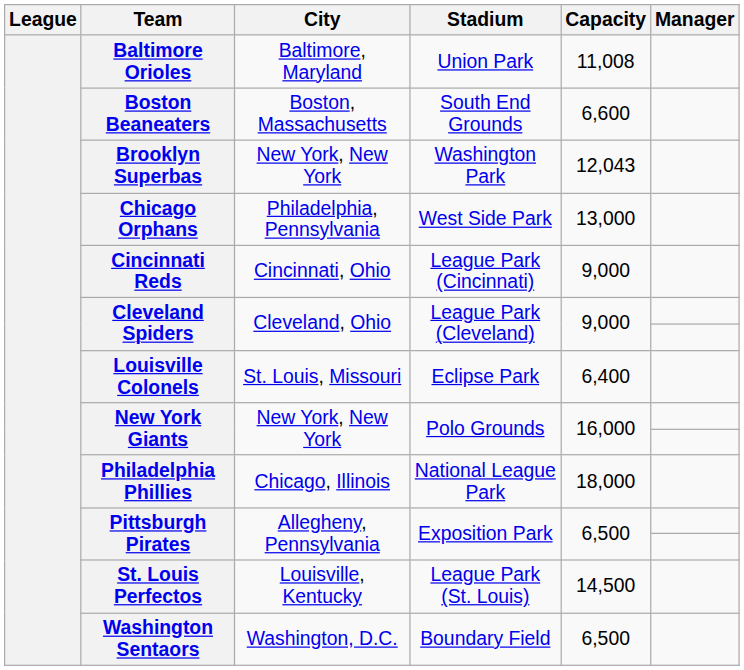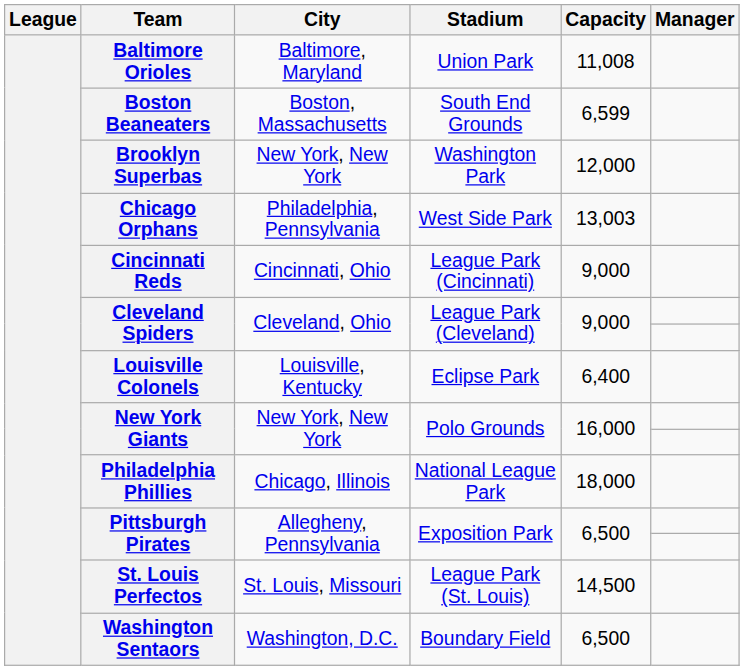 <table class="wikitable sortable plainrowheaders" style="text-align:center;">
 <tr>
 <th scope="col">League</th>
 <th scope="col">Team</th>
 <th scope="col">City</th>
 <th scope="col">Stadium</th>
 <th scope="col">Capacity</th>
 <th scope="col">Manager</th>
 </tr>
 <tr>
 <th rowspan="15"></th>
 <th scope="row"><a href='#'>Baltimore Orioles</a></th>
 <td><a href='#'>Baltimore</a>, <a href='#'>Maryland</a></td>
 <td><a href='#'>Union Park</a></td>
 <td>11,008</td>
 <td></td>
 </tr>
 <tr>
 <th scope="row"><a href='#'>Boston Beaneaters</a></th>
 <td><a href='#'>Boston</a>, <a href='#'>Massachusetts</a></td>
 <td><a href='#'>South End Grounds</a></td>
-<td>6,600</td>
+<td>6,599</td>
 <td></td>
 </tr>
 <tr>
 <th scope="row"><a href='#'>Brooklyn Superbas</a></th>
 <td><a href='#'>New York</a>, <a href='#'>New York</a></td>
 <td><a href='#'>Washington Park</a></td>
-<td>12,043</td>
+<td>12,000</td>
 <td></td>
 </tr>
 <tr>
 <th scope="row"><a href='#'>Chicago Orphans</a></th>
 <td><a href='#'>Philadelphia</a>, <a href='#'>Pennsylvania</a></td>
 <td><a href='#'>West Side Park</a></td>
-<td>13,000</td>
+<td>13,003</td>
 <td></td>
 </tr>
 <tr>
 <th scope="row"><a href='#'>Cincinnati Reds</a></th>
 <td><a href='#'>Cincinnati</a>, <a href='#'>Ohio</a></td>
 <td><a href='#'>League Park (Cincinnati)</a></td>
 <td>9,000</td>
 <td></td>
 </tr>
 <tr>
 <th rowspan="2" scope="row"><a href='#'>Cleveland Spiders</a></th>
 <td rowspan="2"><a href='#'>Cleveland</a>, <a href='#'>Ohio</a></td>
 <td rowspan="2"><a href='#'>League Park (Cleveland)</a></td>
 <td rowspan="2">9,000</td>
 <td></td>
 </tr>
 <tr>
 <td></td>
 </tr>
 <tr>
 <th scope="row"><a href='#'>Louisville Colonels</a></th>
-<td><a href='#'>St. Louis</a>, <a href='#'>Missouri</a></td>
+<td><a href='#'>Louisville</a>, <a href='#'>Kentucky</a></td>
 <td><a href='#'>Eclipse Park</a></td>
 <td>6,400</td>
 <td></td>
 </tr>
 <tr>
 <th rowspan="2" scope="row"><a href='#'>New York Giants</a></th>
 <td rowspan="2"><a href='#'>New York</a>, <a href='#'>New York</a></td>
 <td rowspan="2"><a href='#'>Polo Grounds</a></td>
 <td rowspan="2">16,000</td>
 <td></td>
 </tr>
 <tr>
 <td></td>
 </tr>
 <tr>
 <th scope="row"><a href='#'>Philadelphia Phillies</a></th>
 <td><a href='#'>Chicago</a>, <a href='#'>Illinois</a></td>
 <td><a href='#'>National League Park</a></td>
 <td>18,000</td>
 <td></td>
 </tr>
 <tr>
 <th rowspan="2" scope="row"><a href='#'>Pittsburgh Pirates</a></th>
 <td rowspan="2"><a href='#'>Allegheny</a>, <a href='#'>Pennsylvania</a></td>
 <td rowspan="2"><a href='#'>Exposition Park</a></td>
 <td rowspan="2">6,500</td>
 <td></td>
 </tr>
 <tr>
 <td></td>
 </tr>
 <tr>
 <th scope="row"><a href='#'>St. Louis Perfectos</a></th>
-<td><a href='#'>Louisville</a>, <a href='#'>Kentucky</a></td>
+<td><a href='#'>St. Louis</a>, <a href='#'>Missouri</a></td>
 <td><a href='#'>League Park (St. Louis)</a></td>
 <td>14,500</td>
 <td></td>
 </tr>
 <tr>
 <th scope="row"><a href='#'>Washington Sentaors</a></th>
 <td><a href='#'>Washington, D.C.</a></td>
 <td><a href='#'>Boundary Field</a></td>
 <td>6,500</td>
 <td></td>
 </tr>
 </table>
